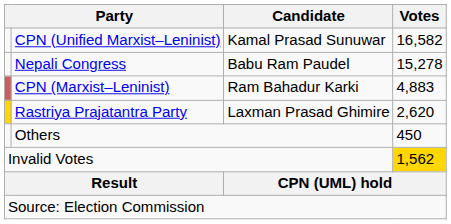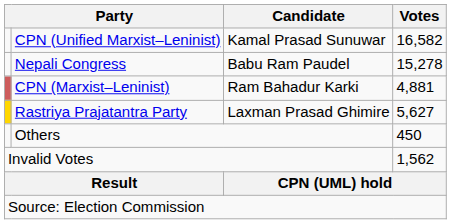 <table class="wikitable">
 <tr>
 <th colspan="2">Party</th>
 <th>Candidate</th>
 <th>Votes</th>
 </tr>
 <tr>
 <td style="background-color:"></td>
 <td><a href='#'>CPN (Unified Marxist–Leninist)</a></td>
 <td>Kamal Prasad Sunuwar</td>
 <td>16,582</td>
 </tr>
 <tr>
 <td style="background-color:"></td>
 <td><a href='#'>Nepali Congress</a></td>
 <td>Babu Ram Paudel</td>
 <td>15,278</td>
 </tr>
 <tr>
 <td style="background-color:indianred"></td>
 <td><a href='#'>CPN (Marxist–Leninist)</a></td>
 <td>Ram Bahadur Karki</td>
-<td>4,883</td>
+<td>4,881</td>
 </tr>
 <tr>
 <td style="background-color:gold"></td>
 <td><a href='#'>Rastriya Prajatantra Party</a></td>
 <td>Laxman Prasad Ghimire</td>
-<td>2,620</td>
+<td>5,627</td>
 </tr>
 <tr>
 <td></td>
 <td colspan="2">Others</td>
 <td>450</td>
 </tr>
 <tr>
 <td colspan="3">Invalid Votes</td>
-<td style="background: gold;">1,562</td>
+<td>1,562</td>
 </tr>
 <tr>
 <th colspan="2">Result</th>
 <th colspan="2">CPN (UML) hold</th>
 </tr>
 <tr>
 <td colspan="4">Source: Election Commission</td>
 </tr>
 </table>
